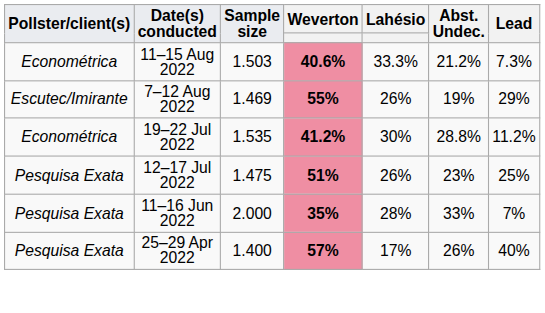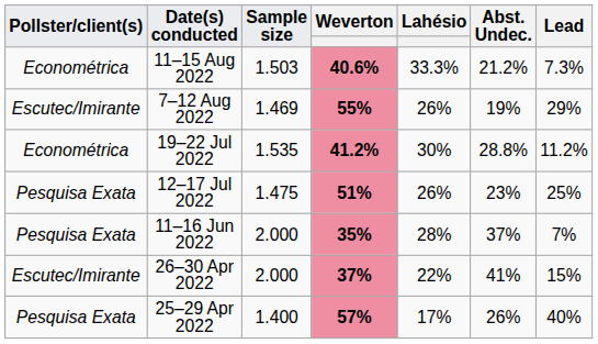 <table class="wikitable sortable" style="text-align:center;font-size:90%;line-height:14px;">
 <tr>
 <td rowspan="2" class="unsortable" style="width:50px;background:#eaecf0;"><strong>Pollster/client(s)</strong></td>
 <td rowspan="2" class="unsortable" style="width:50px;background:#eaecf0;"><strong>Date(s) <br>conducted</strong></td>
 <td rowspan="2" class="unsortable" style="width:50px;background:#eaecf0;"><strong>Sample <br>size</strong></td>
 <th class="unsortable" style="width:50px;">Weverton<br></th>
 <th class="unsortable" style="width:50px;">Lahésio<br></th>
 <th rowspan="2">Abst.<br>Undec.</th>
 <th rowspan="2" class="unsortable">Lead</th>
 </tr>
 <tr>
 <th style="background:"></th>
 <th style="background:"></th>
 </tr>
 <tr>
 <td><em>Econométrica</em></td>
 <td>11–15 Aug 2022</td>
 <td>1.503</td>
 <td style="background:#ef8ea3;"><strong>40.6%</strong></td>
 <td>33.3%</td>
 <td>21.2%</td>
 <td style="background:">7.3%</td>
 </tr>
 <tr>
 <td><em>Escutec/Imirante</em></td>
 <td>7–12 Aug 2022</td>
 <td>1.469</td>
 <td style="background:#ef8ea3;"><strong>55%</strong></td>
 <td>26%</td>
 <td>19%</td>
 <td style="background:">29%</td>
 </tr>
 <tr>
 <td><em>Econométrica</em></td>
 <td>19–22 Jul 2022</td>
 <td>1.535</td>
 <td style="background:#ef8ea3;"><strong>41.2%</strong></td>
 <td>30%</td>
 <td>28.8%</td>
 <td style="background:">11.2%</td>
 </tr>
 <tr>
 <td><em>Pesquisa Exata</em></td>
 <td>12–17 Jul 2022</td>
 <td>1.475</td>
 <td style="background:#ef8ea3;"><strong>51%</strong></td>
 <td>26%</td>
 <td>23%</td>
 <td style="background:">25%</td>
 </tr>
 <tr>
 <td><em>Pesquisa Exata</em></td>
 <td>11–16 Jun 2022</td>
 <td>2.000</td>
 <td style="background:#ef8ea3;"><strong>35%</strong></td>
 <td>28%</td>
-<td>33%</td>
+<td>37%</td>
 <td style="background:">7%</td>
+</tr>
+<tr>
+<td><em>Escutec/Imirante</em></td>
+<td>26–30 Apr 2022</td>
+<td>2.000</td>
+<td style="background:#ef8ea3;"><strong>37%</strong></td>
+<td>22%</td>
+<td>41%</td>
+<td style="background:">15%</td>
 </tr>
 <tr>
 <td><em>Pesquisa Exata</em></td>
 <td>25–29 Apr 2022</td>
 <td>1.400</td>
 <td style="background:#ef8ea3;"><strong>57%</strong></td>
 <td>17%</td>
 <td>26%</td>
 <td style="background:">40%</td>
 </tr>
 </table>
